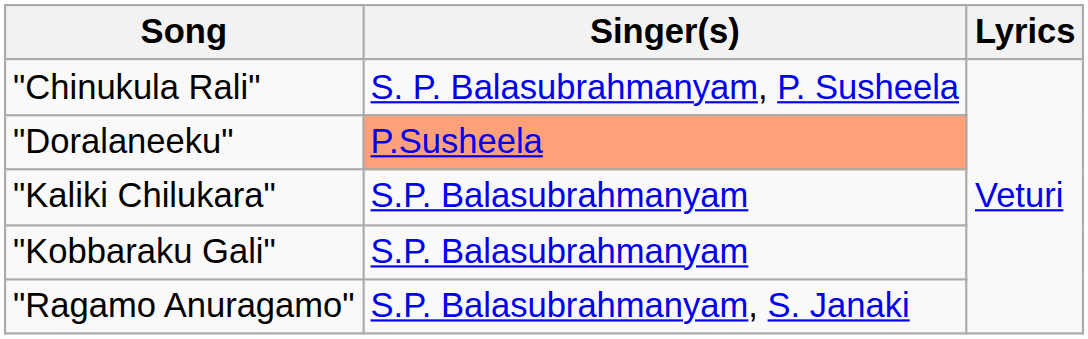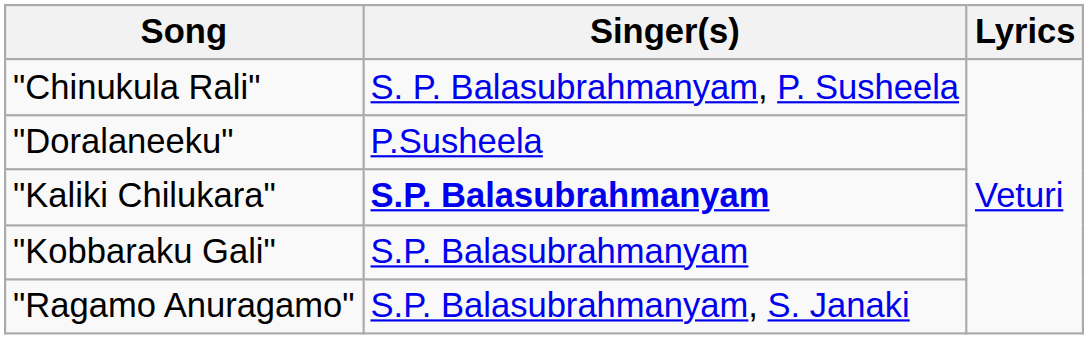 <table class="wikitable">
 <tr>
 <th>Song</th>
 <th>Singer(s)</th>
 <th>Lyrics</th>
 </tr>
 <tr>
 <td>"Chinukula Rali"</td>
 <td><a href='#'>S. P. Balasubrahmanyam</a>, <a href='#'>P. Susheela</a></td>
 <td rowspan="5"><a href='#'>Veturi</a></td>
 </tr>
 <tr>
 <td>"Doralaneeku"</td>
-<td style="background: lightsalmon;"><a href='#'>P.Susheela</a></td>
+<td><a href='#'>P.Susheela</a></td>
 </tr>
 <tr>
 <td>"Kaliki Chilukara"</td>
-<td><a href='#'>S.P. Balasubrahmanyam</a></td>
+<td><strong><a href='#'>S.P. Balasubrahmanyam</a></strong></td>
 </tr>
 <tr>
 <td>"Kobbaraku Gali"</td>
 <td><a href='#'>S.P. Balasubrahmanyam</a></td>
 </tr>
 <tr>
 <td>"Ragamo Anuragamo"</td>
 <td><a href='#'>S.P. Balasubrahmanyam</a>, <a href='#'>S. Janaki</a></td>
 </tr>
 </table>
